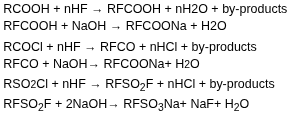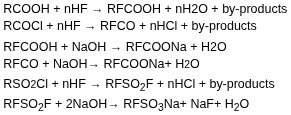 <table>
 <tr>
 <td>RCOOH + nHF → RFCOOH + nH2O + by-products</td>
 </tr>
 <tr>
-<td>RFCOOH + NaOH → RFCOONa + H2O</td>
+<td>RCOCl + nHF → RFCO + nHCl + by-products</td>
 </tr>
 <tr>
 <td></td>
 </tr>
 <tr>
-<td>RCOCl + nHF → RFCO + nHCl + by-products</td>
+<td>RFCOOH + NaOH → RFCOONa + H2O</td>
 </tr>
 <tr>
 <td>RFCO + NaOH→ RFCOONa+ H<small>2</small>O</td>
 </tr>
 <tr>
 <td></td>
 </tr>
 <tr>
 <td>RSO<small>2</small>Cl + nHF → RFSO<sub>2</sub>F + nHCl + by-products</td>
 </tr>
 <tr>
 <td>RFSO<sub>2</sub>F + 2NaOH→ RFSO<sub>3</sub>Na+ NaF+ H<sub>2</sub>O</td>
 </tr>
 </table>
